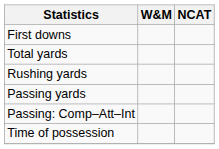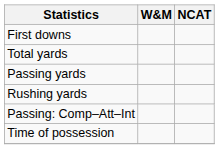 <table class="wikitable" style="float: left;">
 <tr>
 <th>Statistics</th>
 <th>W&M</th>
 <th>NCAT</th>
 </tr>
 <tr>
 <td>First downs</td>
 <td></td>
 <td></td>
 </tr>
 <tr>
 <td>Total yards</td>
 <td></td>
 <td></td>
 </tr>
 <tr>
-<td>Rushing yards</td>
+<td>Passing yards</td>
 <td></td>
 <td></td>
 </tr>
 <tr>
-<td>Passing yards</td>
+<td>Rushing yards</td>
 <td></td>
 <td></td>
 </tr>
 <tr>
 <td>Passing: Comp–Att–Int</td>
 <td></td>
 <td></td>
 </tr>
 <tr>
 <td>Time of possession</td>
 <td></td>
 <td></td>
 </tr>
 <tr>
 </tr>
 </table>
